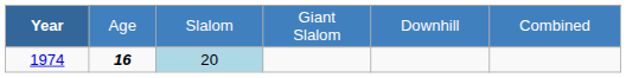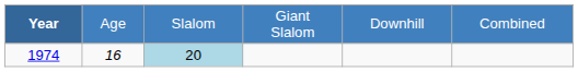 <table class="wikitable" style="font-size:100%; text-align:center; border:grey solid 1px; border-collapse:collapse;" width="40%">
 <tr style="background-color:#369; color:white;">
 <td rowspan="2" colspan="1" width="4%"><strong>Year</strong></td>
 </tr>
 <tr style="background-color:#4180be; color:white;">
 <td width="3%">Age</td>
 <td width="5%">Slalom</td>
 <td width="5%">Giant<br>Slalom</td>
 <td width="5%">Downhill</td>
 <td width="5%">Combined</td>
 </tr>
 <tr style="background-color:#8CB2D8; color:white;">
 </tr>
 <tr>
 <td><a href='#'>1974</a></td>
-<td><strong><em>16</em></strong></td>
+<td><em>16</em></td>
 <td style="background: lightblue;">20</td>
 <td></td>
 <td></td>
 <td></td>
 </tr>
 </table>
